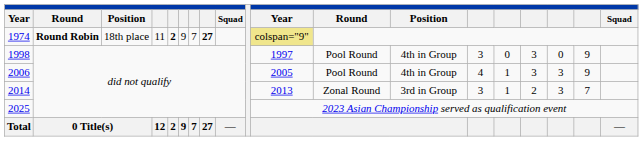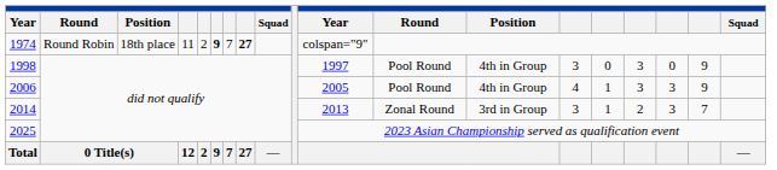 <table class="wikitable" style="text-align: center; font-size:95%;">
 <tr>
 <th colspan=9 style="background:#0038A8; color:#FFFFFF;"><a href='#'></a></th>
 <th rowspan=25></th>
 <th colspan=9 style="background:#0038A8; color:#FFFFFF"><a href='#'></a></th>
 </tr>
 <tr>
 <th>Year</th>
 <th>Round</th>
 <th>Position</th>
 <th></th>
 <th></th>
 <th></th>
 <th></th>
 <th></th>
 <th><small>Squad</small></th>
 <th width="80">Year</th>
 <th width="100">Round</th>
 <th width="100">Position</th>
 <th width="30"></th>
 <th width="30"></th>
 <th width="30"></th>
 <th width="30"></th>
 <th width="30"></th>
 <th width="45"><small>Squad</small></th>
 </tr>
 <tr>
 <td> <a href='#'>1974</a></td>
-<td><strong>Round Robin</strong></td>
+<td>Round Robin</td>
 <td>18th place</td>
 <td>11</td>
-<td><strong>2</strong></td>
-<td>9</td>
+<td>2</td>
+<td><strong>9</strong></td>
 <td>7</td>
 <td><strong>27</strong></td>
 <td></td>
-<td style="background: khaki;">colspan="9" </td>
+<td>colspan="9" </td>
 </tr>
 <tr>
 <td> <a href='#'>1998</a></td>
 <td colspan=8 rowspan=4><em>did not qualify</em></td>
 <td> <a href='#'>1997</a></td>
 <td>Pool Round</td>
 <td>4th in Group</td>
 <td>3</td>
 <td>0</td>
 <td>3</td>
 <td>0</td>
 <td>9</td>
 <td></td>
 </tr>
 <tr>
 <td> <a href='#'>2006</a></td>
 <td> <a href='#'>2005</a></td>
 <td>Pool Round</td>
 <td>4th in Group</td>
 <td>4</td>
 <td>1</td>
 <td>3</td>
 <td>3</td>
 <td>9</td>
 <td></td>
 </tr>
 <tr>
 <td> <a href='#'>2014</a></td>
 <td> <a href='#'>2013</a></td>
 <td>Zonal Round</td>
 <td>3rd in Group</td>
 <td>3</td>
 <td>1</td>
 <td>2</td>
 <td>3</td>
 <td>7</td>
 <td></td>
 </tr>
 <tr>
 <td> <a href='#'>2025</a></td>
 <td colspan="9"><em><a href='#'>2023 Asian Championship</a> served as qualification event</em></td>
 </tr>
 <tr>
 <th>Total</th>
 <th colspan="2">0 Title(s)</th>
 <th>12</th>
 <th>2</th>
 <th>9</th>
 <th>7</th>
 <th>27</th>
 <th>—</th>
 <th colspan="3"></th>
 <th></th>
 <th></th>
 <th></th>
 <th></th>
 <th></th>
 <th>—</th>
 </tr>
 </table>
